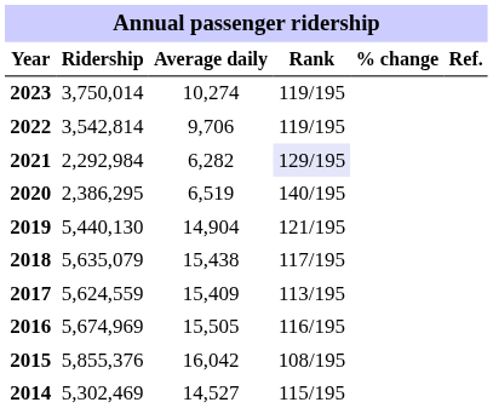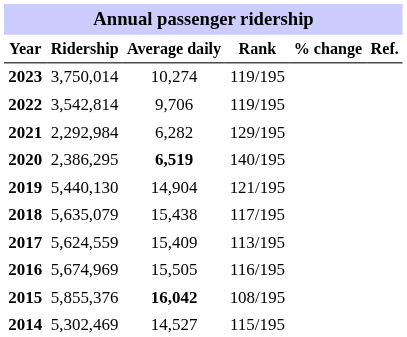 <table class="toccolours" cellpadding="4" cellspacing="0" style="text-align:right;">
 <tr>
 <th colspan="6"  style="background-color:#ccf; background-color:#ccf; font-size:110%; text-align:center;">Annual passenger ridership</th>
 </tr>
 <tr style="font-size:95%; text-align:center">
 <th style="border-bottom:1px solid black">Year</th>
 <th style="border-bottom:1px solid black">Ridership</th>
 <th style="border-bottom:1px solid black">Average daily</th>
 <th style="border-bottom:1px solid black">Rank</th>
 <th style="border-bottom:1px solid black">% change</th>
 <th style="border-bottom:1px solid black">Ref.</th>
 </tr>
 <tr style="text-align:center;">
 <td><strong>2023</strong></td>
 <td>3,750,014</td>
 <td>10,274</td>
 <td>119/195</td>
 <td></td>
 <td></td>
 </tr>
 <tr style="text-align:center;">
 <td><strong>2022</strong></td>
 <td>3,542,814</td>
 <td>9,706</td>
 <td>119/195</td>
 <td></td>
 <td></td>
 </tr>
 <tr style="text-align:center;">
 <td><strong>2021</strong></td>
 <td>2,292,984</td>
 <td>6,282</td>
-<td style="background: lavender;">129/195</td>
+<td>129/195</td>
 <td></td>
 <td></td>
 </tr>
 <tr style="text-align:center;">
 <td><strong>2020</strong></td>
 <td>2,386,295</td>
-<td>6,519</td>
+<td><strong>6,519</strong></td>
 <td>140/195</td>
 <td></td>
 <td></td>
 </tr>
 <tr style="text-align:center;">
 <td><strong>2019</strong></td>
 <td>5,440,130</td>
 <td>14,904</td>
 <td>121/195</td>
 <td></td>
 <td></td>
 </tr>
 <tr style="text-align:center;">
 <td><strong>2018</strong></td>
 <td>5,635,079</td>
 <td>15,438</td>
 <td>117/195</td>
 <td></td>
 <td></td>
 </tr>
 <tr style="text-align:center;">
 <td><strong>2017</strong></td>
 <td>5,624,559</td>
 <td>15,409</td>
 <td>113/195</td>
 <td></td>
 <td></td>
 </tr>
 <tr style="text-align:center;">
 <td><strong>2016</strong></td>
 <td>5,674,969</td>
 <td>15,505</td>
 <td>116/195</td>
 <td></td>
 <td></td>
 </tr>
 <tr style="text-align:center;">
 <td><strong>2015</strong></td>
 <td>5,855,376</td>
-<td>16,042</td>
+<td><strong>16,042</strong></td>
 <td>108/195</td>
 <td></td>
 <td></td>
 </tr>
 <tr style="text-align:center;">
 <td><strong>2014</strong></td>
 <td>5,302,469</td>
 <td>14,527</td>
 <td>115/195</td>
 <td></td>
 <td></td>
 </tr>
 </table>
